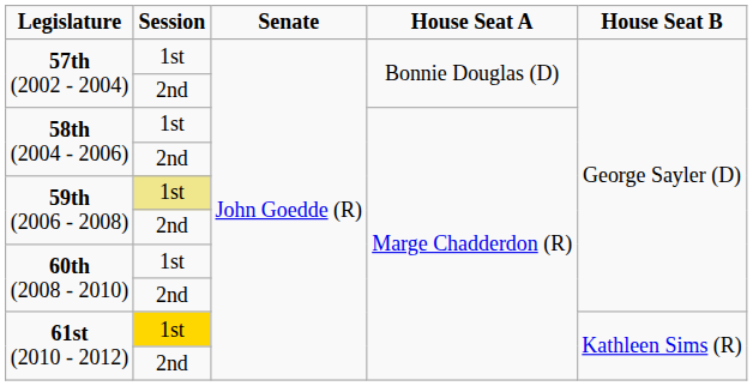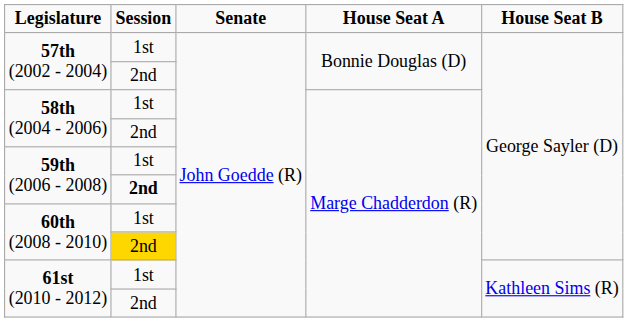 <table class=wikitable style="text-align:center">
 <tr>
 <td><strong>Legislature</strong></td>
 <td><strong>Session</strong></td>
 <td><strong>Senate</strong></td>
 <td><strong>House Seat A</strong></td>
 <td><strong>House Seat B</strong></td>
 </tr>
 <tr>
 <td rowspan="2" colspan="1" style="text-align: center;"><strong>57th</strong> <br> (2002 - 2004)</td>
 <td>1st</td>
 <td rowspan="10" colspan="1" style="text-align: center;" ><a href='#'>John Goedde</a> (R)</td>
 <td rowspan="2" colspan="1" style="text-align: center;" >Bonnie Douglas (D)</td>
 <td rowspan="8" colspan="1" style="text-align: center;" >George Sayler (D)</td>
 </tr>
 <tr>
 <td>2nd</td>
 </tr>
 <tr>
 <td rowspan="2" colspan="1" style="text-align: center;"><strong>58th</strong> <br> (2004 - 2006)</td>
 <td>1st</td>
 <td rowspan="8" colspan="1" style="text-align: center;" ><a href='#'>Marge Chadderdon</a> (R)</td>
 </tr>
 <tr>
 <td>2nd</td>
 </tr>
 <tr>
 <td rowspan="2" colspan="1" style="text-align: center;"><strong>59th</strong> <br> (2006 - 2008)</td>
-<td style="background: khaki;">1st</td>
+<td>1st</td>
 </tr>
 <tr>
-<td>2nd</td>
+<td><strong>2nd</strong></td>
 </tr>
 <tr>
 <td rowspan="2" colspan="1" style="text-align: center;"><strong>60th</strong> <br> (2008 - 2010)</td>
 <td>1st</td>
 </tr>
 <tr>
-<td>2nd</td>
+<td style="background: gold;">2nd</td>
 </tr>
 <tr>
 <td rowspan="2" colspan="1" style="text-align: center;"><strong>61st</strong> <br> (2010 - 2012)</td>
-<td style="background: gold;">1st</td>
+<td>1st</td>
 <td rowspan="2" colspan="1" style="text-align: center;" ><a href='#'>Kathleen Sims</a> (R)</td>
 </tr>
 <tr>
 <td>2nd</td>
 </tr>
 </table>
